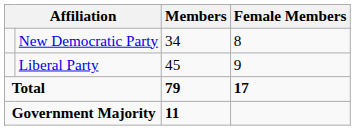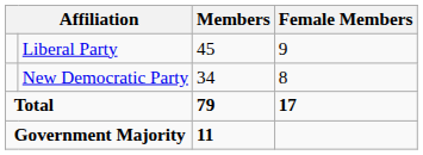 <table class="wikitable">
 <tr>
 <th colspan="2">Affiliation</th>
 <th>Members</th>
 <th>Female Members</th>
 </tr>
 <tr>
 <td> </td>
+<td><a href='#'>Liberal Party</a></td>
+<td>45</td>
+<td>9</td>
+</tr>
+<tr>
+<td> </td>
 <td><a href='#'>New Democratic Party</a></td>
 <td>34</td>
 <td>8</td>
-</tr>
-<tr>
-<td> </td>
-<td><a href='#'>Liberal Party</a></td>
-<td>45</td>
-<td>9</td>
 </tr>
 <tr>
 <td colspan="2" rowspan="1"> <strong>Total</strong><br></td>
 <td><strong>79</strong></td>
 <td><strong>17</strong></td>
 </tr>
 <tr>
 <td colspan="2" rowspan="1"> <strong>Government Majority</strong><br></td>
 <td><strong>11</strong></td>
 <td></td>
 </tr>
 </table>
